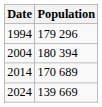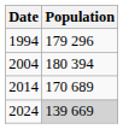 <table class="wikitable">
 <tr>
 <th>Date</th>
 <th>Population</th>
 </tr>
 <tr>
 <td>1994</td>
 <td>179 296</td>
 </tr>
 <tr>
 <td>2004</td>
 <td>180 394</td>
 </tr>
 <tr>
 <td>2014</td>
 <td>170 689</td>
 </tr>
 <tr>
 <td>2024</td>
-<td>139 669</td>
+<td style="background: lightgrey;">139 669</td>
 </tr>
 </table>
